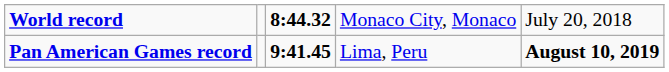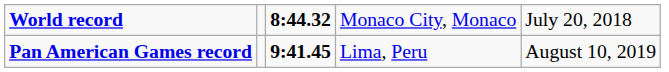 <table class="wikitable">
 <tr>
 <td><strong><a href='#'>World record</a></strong></td>
 <td></td>
 <td><strong>8:44.32</strong></td>
 <td><a href='#'>Monaco City</a>, <a href='#'>Monaco</a></td>
 <td>July 20, 2018</td>
 </tr>
 <tr>
 <td><strong><a href='#'>Pan American Games record</a></strong></td>
 <td></td>
 <td><strong>9:41.45</strong></td>
 <td><a href='#'>Lima</a>, <a href='#'>Peru</a></td>
-<td><strong>August 10, 2019</strong></td>
+<td>August 10, 2019</td>
 </tr>
 </table>
